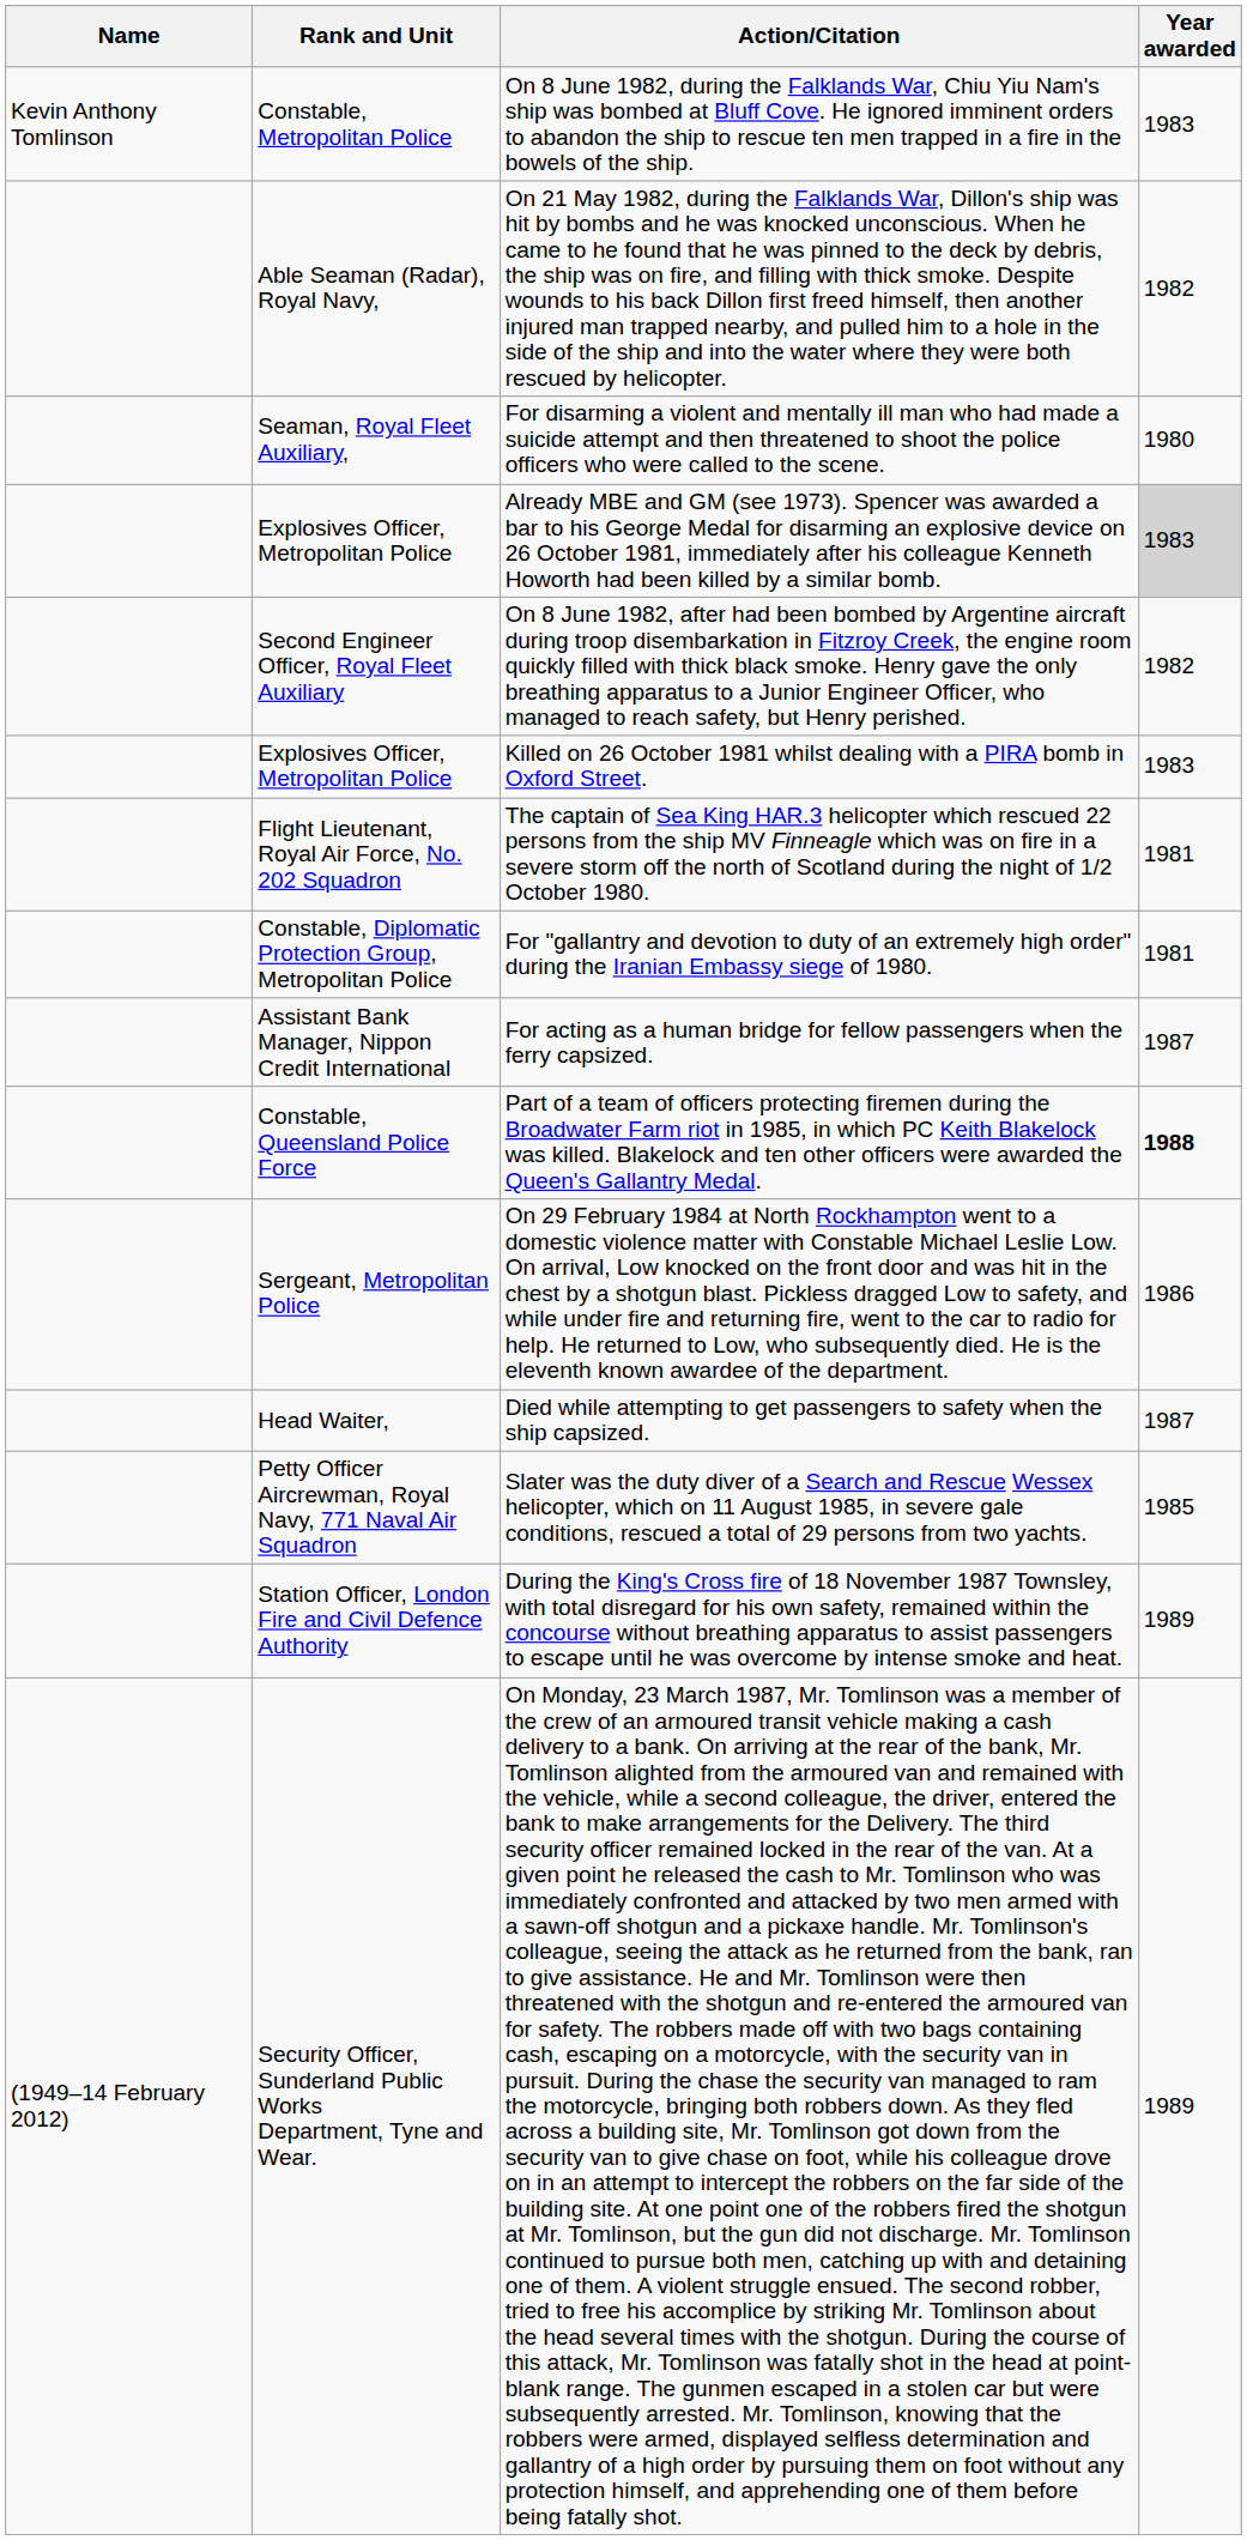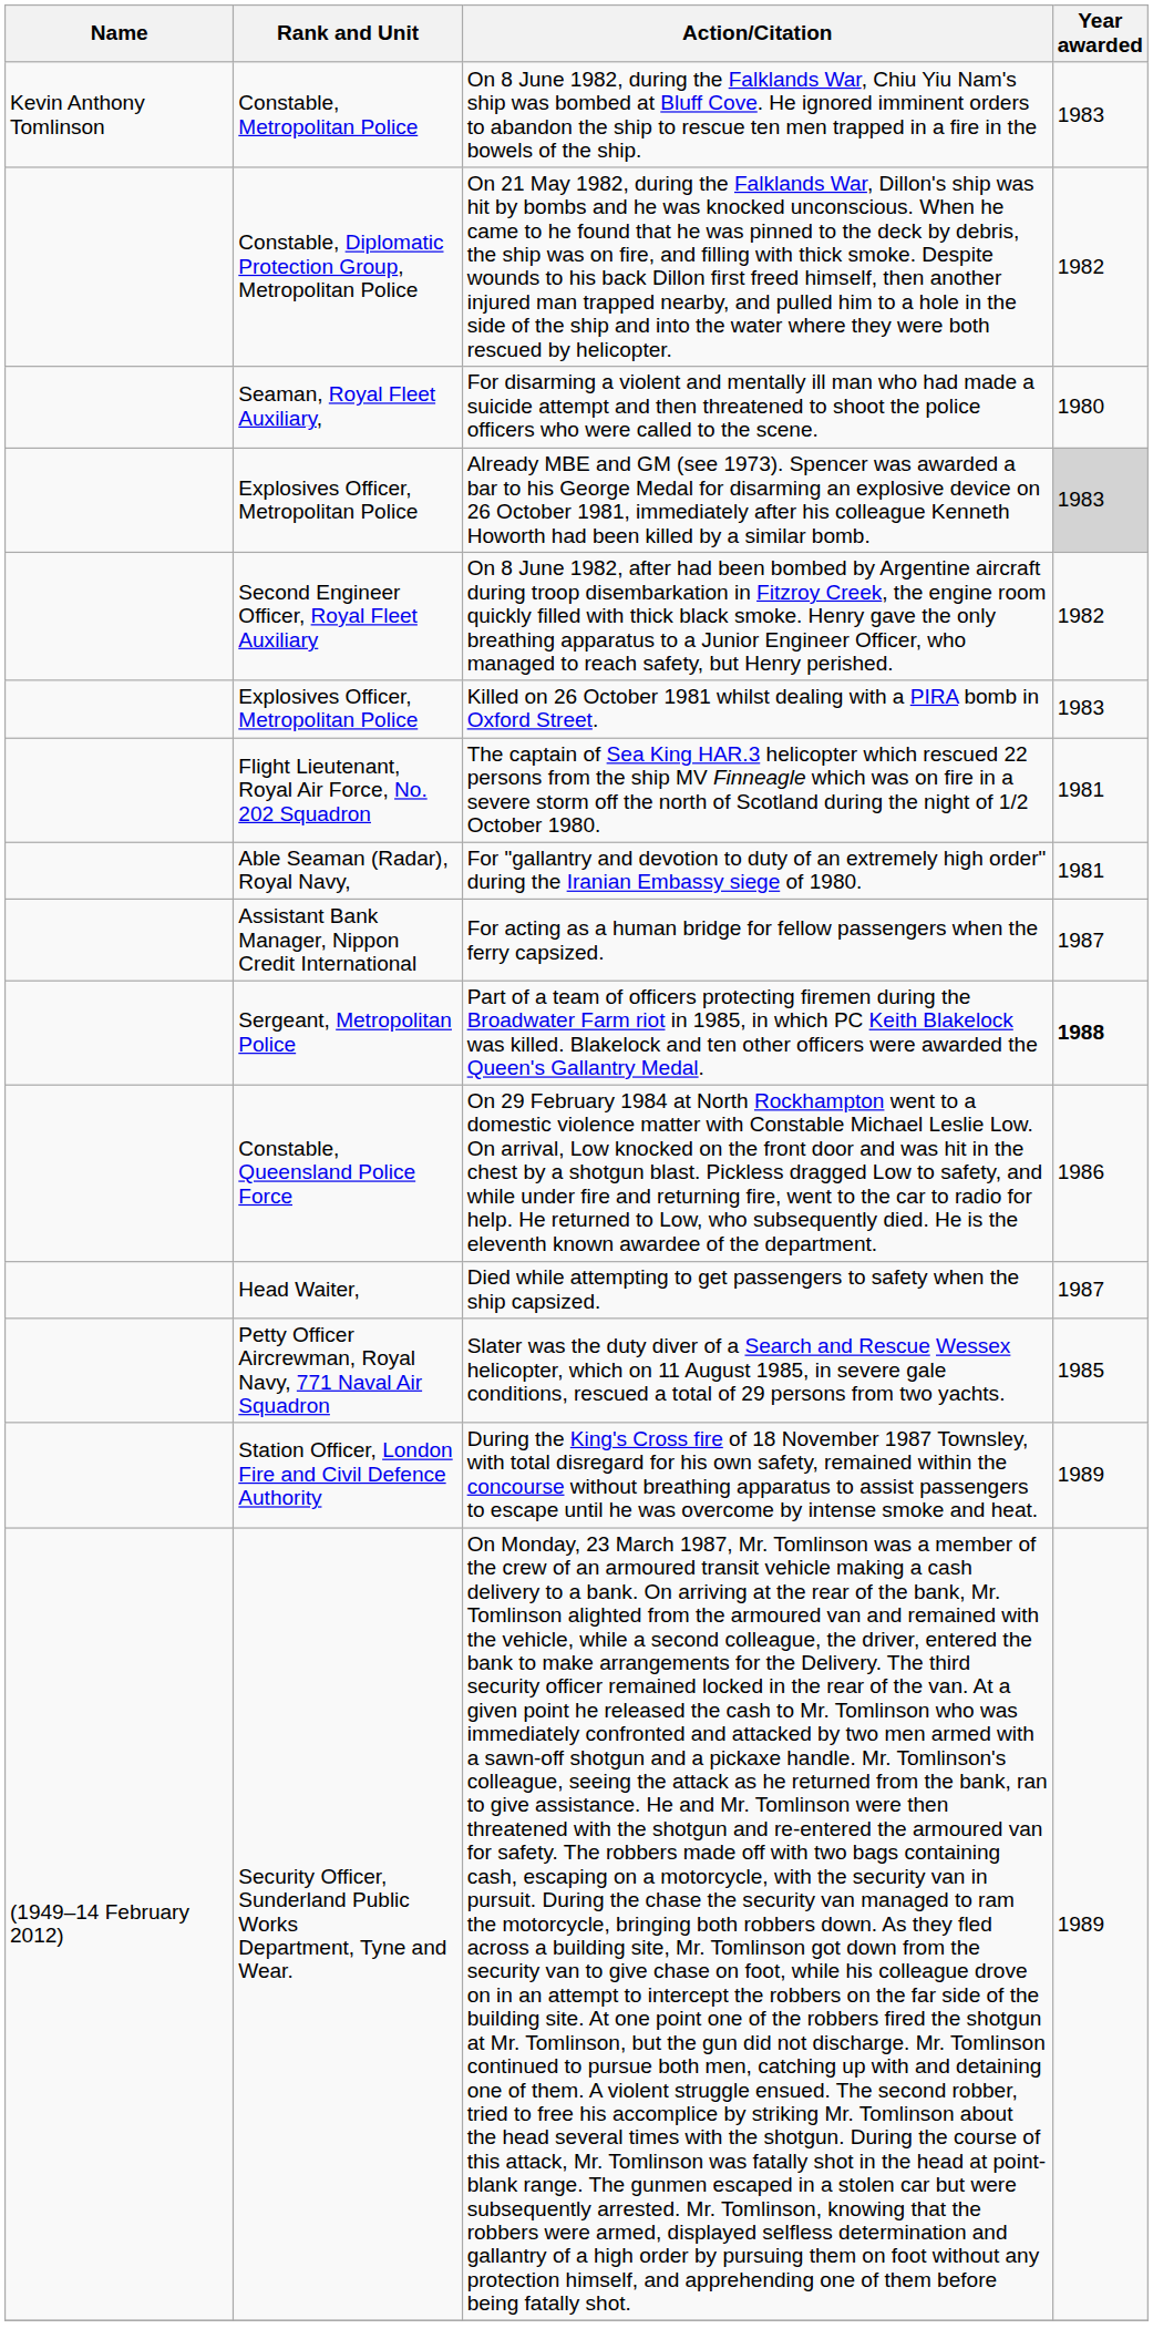 <table class="wikitable sortable">
 <tr>
 <th scope="col" width="20%">Name</th>
 <th scope="col" width="20%">Rank and Unit</th>
 <th>Action/Citation</th>
 <th scope="col" width="50">Year<br>awarded</th>
 </tr>
 <tr>
 <td>Kevin Anthony Tomlinson</td>
 <td>Constable, <a href='#'>Metropolitan Police</a></td>
 <td>On 8 June 1982, during the <a href='#'>Falklands War</a>, Chiu Yiu Nam's ship was bombed at <a href='#'>Bluff Cove</a>. He ignored imminent orders to abandon the ship to rescue ten men trapped in a fire in the bowels of the ship.</td>
 <td>1983</td>
 </tr>
 <tr>
 <td></td>
-<td>Able Seaman (Radar), Royal Navy, </td>
+<td>Constable, <a href='#'>Diplomatic Protection Group</a>, Metropolitan Police</td>
 <td>On 21 May 1982, during the <a href='#'>Falklands War</a>, Dillon's ship was hit by bombs and he was knocked unconscious. When he came to he found that he was pinned to the deck by debris, the ship was on fire, and filling with thick smoke. Despite wounds to his back Dillon first freed himself, then another injured man trapped nearby, and pulled him to a hole in the side of the ship and into the water where they were both rescued by helicopter.</td>
 <td>1982</td>
 </tr>
 <tr>
 <td></td>
 <td>Seaman, <a href='#'>Royal Fleet Auxiliary</a>, </td>
 <td>For disarming a violent and mentally ill man who had made a suicide attempt and then threatened to shoot the police officers who were called to the scene.</td>
 <td>1980</td>
 </tr>
 <tr>
 <td></td>
 <td>Explosives Officer, Metropolitan Police</td>
 <td>Already MBE and GM (see 1973). Spencer was awarded a bar to his George Medal for disarming an explosive device on 26 October 1981, immediately after his colleague Kenneth Howorth had been killed by a similar bomb.</td>
 <td style="background: lightgrey;">1983<br></td>
 </tr>
 <tr>
 <td></td>
 <td>Second Engineer Officer, <a href='#'>Royal Fleet Auxiliary</a></td>
 <td>On 8 June 1982, after  had been bombed by Argentine aircraft during troop disembarkation in <a href='#'>Fitzroy Creek</a>, the engine room quickly filled with thick black smoke. Henry gave the only breathing apparatus to a Junior Engineer Officer, who managed to reach safety, but Henry perished.</td>
 <td>1982</td>
 </tr>
 <tr>
 <td></td>
 <td>Explosives Officer, <a href='#'>Metropolitan Police</a></td>
 <td>Killed on 26 October 1981 whilst dealing with a <a href='#'>PIRA</a> bomb in <a href='#'>Oxford Street</a>.</td>
 <td>1983</td>
 </tr>
 <tr>
 <td></td>
 <td>Flight Lieutenant, Royal Air Force, <a href='#'>No. 202 Squadron</a></td>
 <td>The captain of <a href='#'>Sea King HAR.3</a> helicopter which rescued 22 persons from the ship MV <em>Finneagle</em> which was on fire in a severe storm off the north of Scotland during the night of 1/2 October 1980.</td>
 <td>1981</td>
 </tr>
 <tr>
 <td></td>
-<td>Constable, <a href='#'>Diplomatic Protection Group</a>, Metropolitan Police</td>
+<td>Able Seaman (Radar), Royal Navy, </td>
 <td>For "gallantry and devotion to duty of an extremely high order" during the <a href='#'>Iranian Embassy siege</a> of 1980.</td>
 <td>1981</td>
 </tr>
 <tr>
 <td></td>
 <td>Assistant Bank Manager, Nippon Credit International</td>
 <td>For acting as a human bridge for fellow passengers when the ferry  capsized.</td>
 <td>1987</td>
 </tr>
 <tr>
 <td></td>
-<td>Constable, <a href='#'>Queensland Police Force</a></td>
+<td>Sergeant, <a href='#'>Metropolitan Police</a></td>
 <td>Part of a team of officers protecting firemen during the <a href='#'>Broadwater Farm riot</a> in 1985, in which PC <a href='#'>Keith Blakelock</a> was killed. Blakelock and ten other officers were awarded the <a href='#'>Queen's Gallantry Medal</a>.</td>
 <td><strong>1988</strong></td>
 </tr>
 <tr>
 <td></td>
-<td>Sergeant, <a href='#'>Metropolitan Police</a></td>
+<td>Constable, <a href='#'>Queensland Police Force</a></td>
 <td>On 29 February 1984 at North <a href='#'>Rockhampton</a> went to a domestic violence matter with Constable Michael Leslie Low.  On arrival, Low knocked on the front door and was hit in the chest by a shotgun blast.  Pickless dragged Low to safety, and while under fire and returning fire, went to the car to radio for help.  He returned to Low, who subsequently died. He is the eleventh known awardee of the department.</td>
 <td>1986</td>
 </tr>
 <tr>
 <td></td>
 <td>Head Waiter, </td>
 <td>Died while attempting to get passengers to safety when the ship capsized.</td>
 <td>1987</td>
 </tr>
 <tr>
 <td></td>
 <td>Petty Officer Aircrewman, Royal Navy, <a href='#'>771 Naval Air Squadron</a></td>
 <td>Slater was the duty diver of a <a href='#'>Search and Rescue</a> <a href='#'>Wessex</a> helicopter, which on 11 August 1985, in severe gale conditions, rescued a total of 29 persons from two yachts.</td>
 <td>1985</td>
 </tr>
 <tr>
 <td></td>
 <td>Station Officer, <a href='#'>London Fire and Civil Defence Authority</a></td>
 <td>During the <a href='#'>King's Cross fire</a> of 18 November 1987 Townsley, with total disregard for his own safety, remained within the <a href='#'>concourse</a> without breathing apparatus to assist passengers to escape until he was overcome by intense smoke and heat.</td>
 <td>1989</td>
 </tr>
 <tr>
 <td> (1949–14 February 2012)</td>
 <td>Security Officer, Sunderland Public Works<br>Department, Tyne and Wear.</td>
 <td>On Monday, 23 March 1987, Mr. Tomlinson was a member of the crew of an armoured transit vehicle making a cash delivery to a bank. On arriving at the rear of the bank, Mr. Tomlinson alighted from the armoured van and remained with the vehicle, while a second colleague, the driver, entered the bank to make arrangements for the Delivery. The third security officer remained locked in the rear of the van. At a given point he released the cash to Mr. Tomlinson who was immediately confronted and attacked by two men armed with a sawn-off shotgun and a pickaxe handle. Mr. Tomlinson's colleague, seeing the attack as he returned from the bank, ran to give assistance. He and Mr. Tomlinson were then threatened with the shotgun and re-entered the armoured van for safety. The robbers made off with two bags containing cash, escaping on a motorcycle, with the security van in pursuit. During the chase the security van managed to ram the motorcycle, bringing both robbers down. As they fled across a building site, Mr. Tomlinson got down from the security van to give chase on foot, while his colleague drove on in an attempt to intercept the robbers on the far side of the building site. At one point one of the robbers fired the shotgun at Mr. Tomlinson, but the gun did not discharge. Mr. Tomlinson continued to pursue both men, catching up with and detaining one of them. A violent struggle ensued. The second robber, tried to free his accomplice by striking Mr. Tomlinson about the head several times with the shotgun. During the course of this attack, Mr. Tomlinson was fatally shot in the head at point-blank range. The gunmen escaped in a stolen car but were subsequently arrested. Mr. Tomlinson, knowing that the robbers were armed, displayed selfless determination and gallantry of a high order by pursuing them on foot without any protection himself, and apprehending one of them before being fatally shot.</td>
 <td>1989</td>
 </tr>
 <tr>
 </tr>
 </table>
